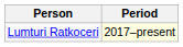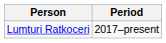 <table class="wikitable sortable">
 <tr>
 <th>Person</th>
 <th>Period</th>
 </tr>
 <tr>
 <td><a href='#'>Lumturi Ratkoceri</a></td>
-<td style="background: lightyellow;">2017–present</td>
+<td>2017–present</td>
 </tr>
 </table>
